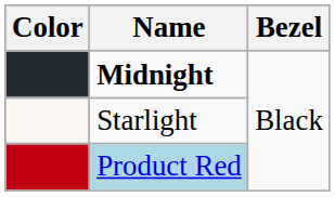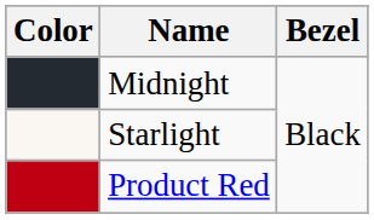 <table class="wikitable">
 <tr>
 <th>Color</th>
 <th>Name</th>
 <th>Bezel </th>
 </tr>
 <tr>
 <td bgcolor="232A31"></td>
-<td><strong>Midnight</strong></td>
+<td>Midnight</td>
 <td rowspan="3">Black</td>
 </tr>
 <tr>
 <td bgcolor="FAF6F2"></td>
 <td>Starlight</td>
 </tr>
 <tr>
 <td bgcolor="BF0013"></td>
-<td style="background: lightblue;"><a href='#'>Product Red</a></td>
+<td><a href='#'>Product Red</a></td>
 </tr>
 </table>
